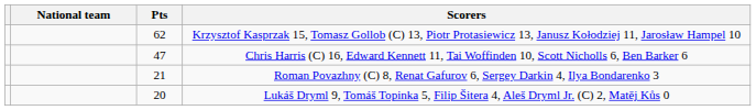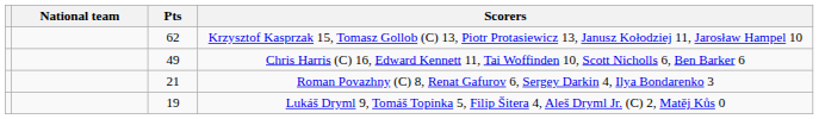 <table class=wikitable style="font-size: 95%">
 <tr>
 <th></th>
 <th width=150>National team</th>
 <th width=50>Pts</th>
 <th width=700>Scorers</th>
 </tr>
 <tr align=center >
 <td></td>
 <td align=left></td>
 <td>62</td>
 <td><a href='#'>Krzysztof Kasprzak</a> 15, <a href='#'>Tomasz Gollob</a> (C) 13, <a href='#'>Piotr Protasiewicz</a> 13, <a href='#'>Janusz Kołodziej</a> 11, <a href='#'>Jarosław Hampel</a> 10</td>
 </tr>
 <tr align=center>
 <td></td>
 <td align=left></td>
-<td>47</td>
+<td>49</td>
 <td><a href='#'>Chris Harris</a> (C) 16, <a href='#'>Edward Kennett</a> 11, <a href='#'>Tai Woffinden</a> 10, <a href='#'>Scott Nicholls</a> 6, <a href='#'>Ben Barker</a> 6</td>
 </tr>
 <tr align=center>
 <td></td>
 <td align=left></td>
 <td>21</td>
 <td><a href='#'>Roman Povazhny</a> (C) 8, <a href='#'>Renat Gafurov</a> 6, <a href='#'>Sergey Darkin</a>	4, <a href='#'>Ilya Bondarenko</a> 3</td>
 </tr>
 <tr align=center>
 <td></td>
 <td align=left></td>
-<td>20</td>
+<td>19</td>
 <td><a href='#'>Lukáš Dryml</a> 9, <a href='#'>Tomáš Topinka</a> 5, <a href='#'>Filip Šitera</a> 4, <a href='#'>Aleš Dryml Jr.</a> (C) 2, <a href='#'>Matěj Kůs</a> 0</td>
 </tr>
 </table>
